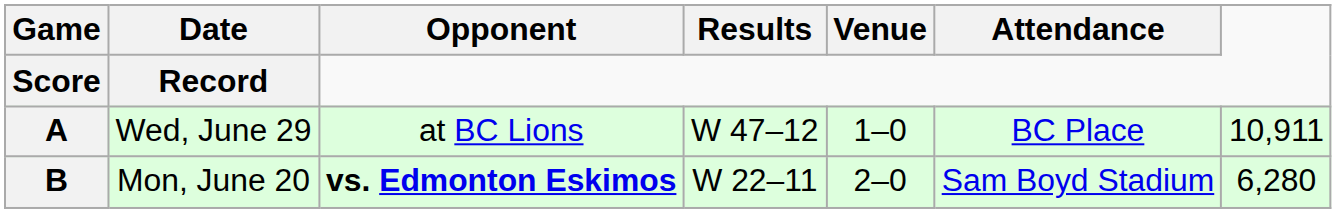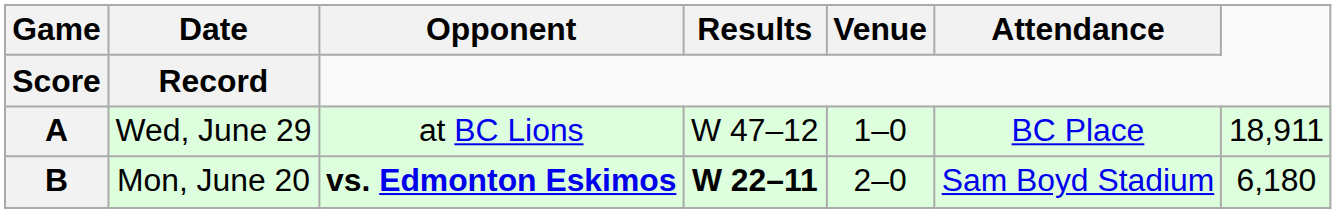 <table class="wikitable" style="text-align:center">
 <tr>
 <th>Game</th>
 <th>Date</th>
 <th>Opponent</th>
 <th>Results</th>
 <th>Venue</th>
 <th>Attendance</th>
 </tr>
 <tr>
 <th>Score</th>
 <th>Record</th>
 </tr>
 <tr style="background:#ddffdd">
 <th>A</th>
 <td>Wed, June 29</td>
 <td>at <a href='#'>BC Lions</a></td>
 <td>W 47–12</td>
 <td>1–0</td>
 <td><a href='#'>BC Place</a></td>
-<td>10,911</td>
+<td>18,911</td>
 </tr>
 <tr style="background:#ddffdd">
 <th>B</th>
 <td>Mon, June 20</td>
 <td><strong>vs. <a href='#'>Edmonton Eskimos</a></strong></td>
-<td>W 22–11</td>
+<td><strong>W 22–11</strong></td>
 <td>2–0</td>
 <td><a href='#'>Sam Boyd Stadium</a></td>
-<td>6,280</td>
+<td>6,180</td>
 </tr>
 </table>
